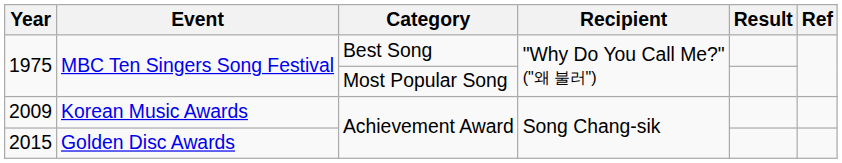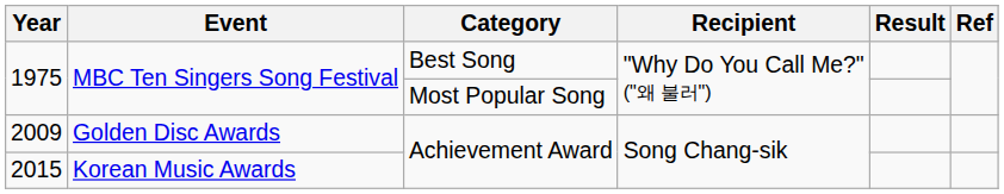 <table class="wikitable">
 <tr>
 <th>Year</th>
 <th>Event</th>
 <th>Category</th>
 <th>Recipient</th>
 <th>Result</th>
 <th>Ref</th>
 </tr>
 <tr>
 <td rowspan="2">1975</td>
 <td rowspan="2"><a href='#'>MBC Ten Singers Song Festival</a></td>
 <td>Best Song</td>
 <td rowspan="2">"Why Do You Call Me?"<br><small>("왜 불러")</small></td>
 <td></td>
 <td rowspan="2"></td>
 </tr>
 <tr>
 <td>Most Popular Song</td>
 <td></td>
 </tr>
 <tr>
 <td>2009</td>
-<td><a href='#'>Korean Music Awards</a></td>
+<td><a href='#'>Golden Disc Awards</a></td>
 <td rowspan="2">Achievement Award</td>
 <td rowspan="2">Song Chang-sik</td>
 <td></td>
 <td></td>
 </tr>
 <tr>
 <td>2015</td>
-<td><a href='#'>Golden Disc Awards</a></td>
+<td><a href='#'>Korean Music Awards</a></td>
 <td></td>
 <td></td>
 </tr>
 </table>
